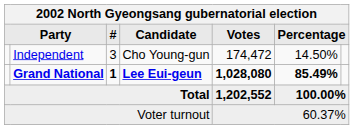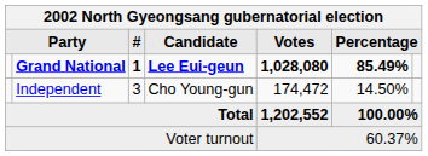 <table class="wikitable">
 <tr>
 <th colspan="7">2002 North Gyeongsang gubernatorial election</th>
 </tr>
 <tr>
 <th style="background-color:#E9E9E9" colspan=2>Party</th>
 <th style="background-color:#E9E9E9">#</th>
 <th style="background-color:#E9E9E9">Candidate</th>
 <th style="background-color:#E9E9E9">Votes</th>
 <th style="background-color:#E9E9E9" colspan=2>Percentage</th>
 </tr>
+<tr style="font-weight:bold">
+<td></td>
+<td align=left><a href='#'>Grand National</a></td>
+<td align=center>1</td>
+<td align=left><a href='#'>Lee Eui-geun</a></td>
+<td align=right>1,028,080</td>
+<td align=right>85.49%</td>
+<td align=right></td>
+</tr>
 <tr>
 <td></td>
 <td align=left><a href='#'>Independent</a></td>
 <td align=center>3</td>
 <td align=left>Cho Young-gun</td>
 <td align=right>174,472</td>
 <td align=right>14.50%</td>
-<td align=right></td>
-</tr>
-<tr style="font-weight:bold">
-<td></td>
-<td align=left><a href='#'>Grand National</a></td>
-<td align=center>1</td>
-<td align=left><a href='#'>Lee Eui-geun</a></td>
-<td align=right>1,028,080</td>
-<td align=right>85.49%</td>
 <td align=right></td>
 </tr>
 <tr bgcolor="#EEEEEE" style="font-weight:bold">
 <td colspan="4" align=right>Total</td>
 <td align=right>1,202,552</td>
 <td align=right colspan=2>100.00%</td>
 </tr>
 <tr bgcolor="#EEEEEE">
 <td colspan="4" align="right">Voter turnout</td>
 <td colspan="3" align="right">60.37%</td>
 </tr>
 </table>
